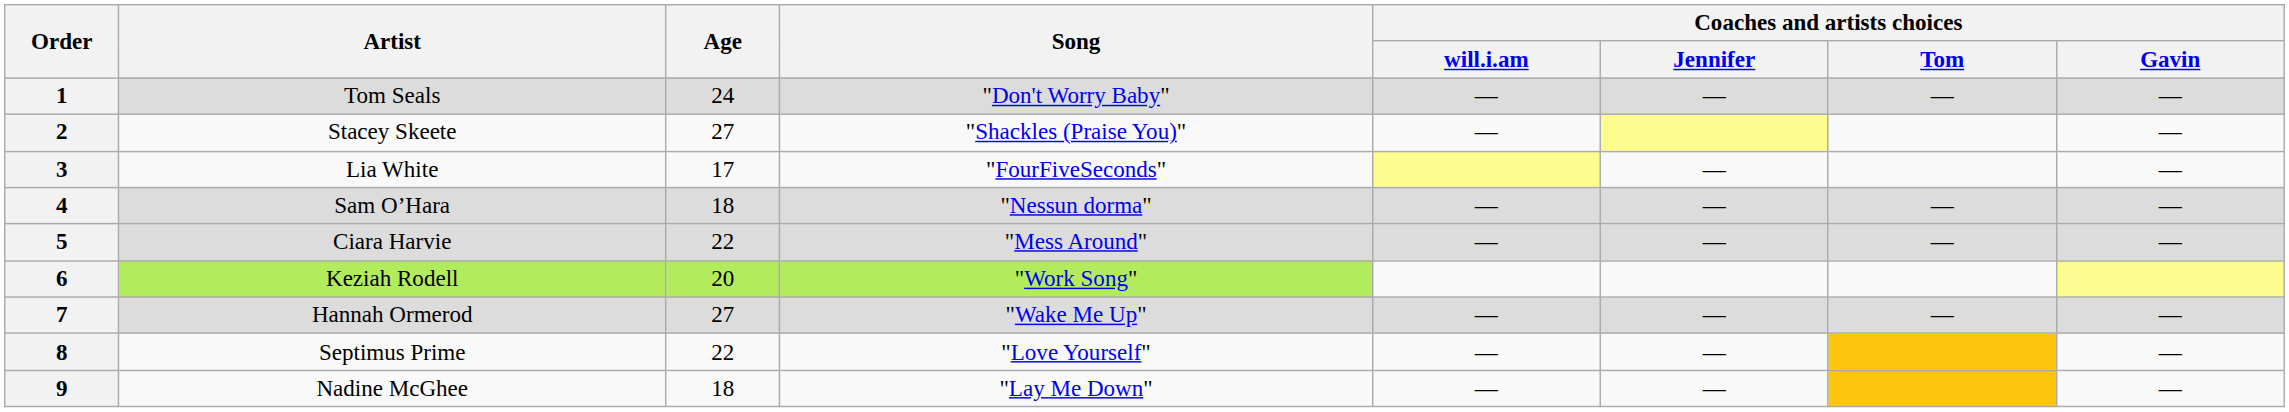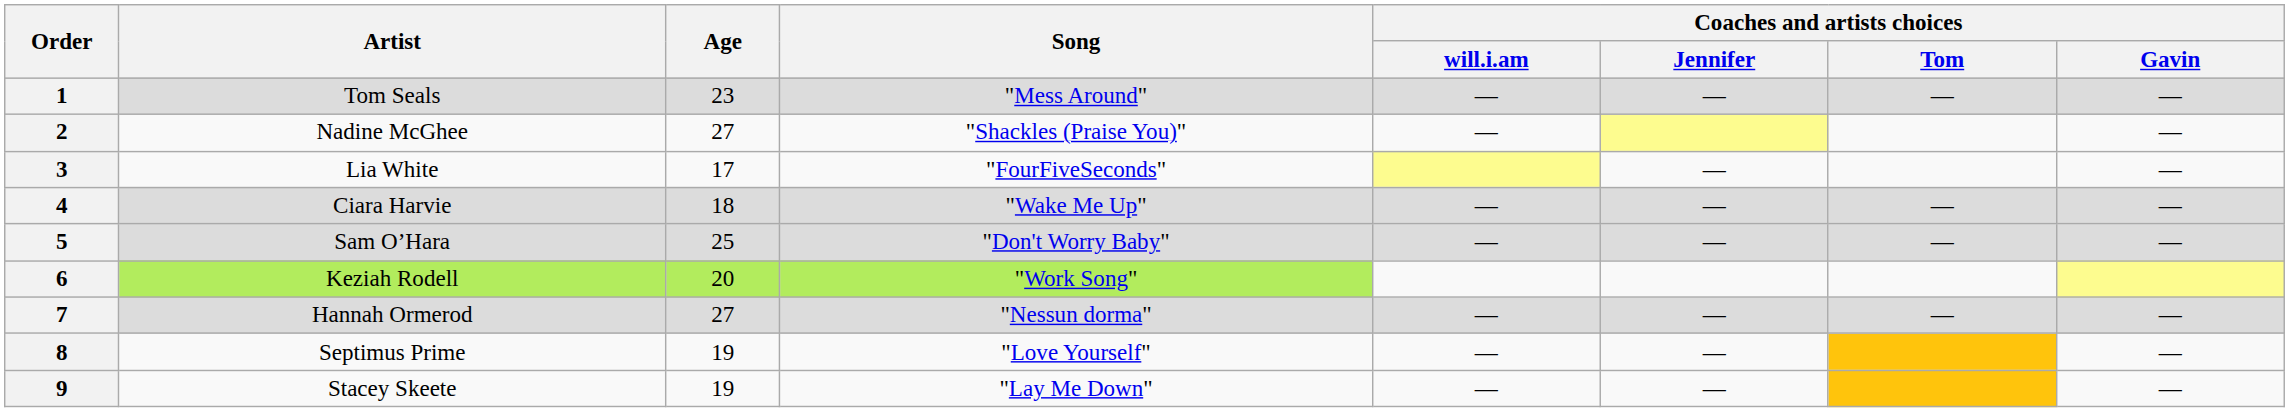 <table class="wikitable" style="text-align:center; width:100%;">
 <tr>
 <th scope="col" rowspan="2" style="width:05%;">Order</th>
 <th scope="col" rowspan="2" style="width:24%;">Artist</th>
 <th scope="col" rowspan="2" style="width:05%;">Age</th>
 <th scope="col" rowspan="2" style="width:26%;">Song</th>
 <th colspan="4" style="width:40%;">Coaches and artists choices</th>
 </tr>
 <tr>
 <th style="width:10%;"><a href='#'>will.i.am</a></th>
 <th style="width:10%;"><a href='#'>Jennifer</a></th>
 <th style="width:10%;"><a href='#'>Tom</a></th>
 <th style="width:10%;"><a href='#'>Gavin</a></th>
 </tr>
 <tr style="background:#DCDCDC">
 <th>1</th>
 <td style="background:#DCDCDC; text-align:center;">Tom Seals</td>
-<td style="background:#DCDCDC; text-align:center;">24</td>
-<td style="background:#DCDCDC; text-align:center;">"<a href='#'>Don't Worry Baby</a>"</td>
+<td style="background:#DCDCDC; text-align:center;">23</td>
+<td style="background:#DCDCDC; text-align:center;">"<a href='#'>Mess Around</a>"</td>
 <td>—</td>
 <td>—</td>
 <td>—</td>
 <td>—</td>
 </tr>
 <tr>
 <th>2</th>
-<td>Stacey Skeete</td>
+<td>Nadine McGhee</td>
 <td>27</td>
 <td>"<a href='#'>Shackles (Praise You)</a>"</td>
 <td>—</td>
 <td style="background:#fdfc8f;"><strong></strong></td>
 <td><strong></strong></td>
 <td>—</td>
 </tr>
 <tr>
 <th>3</th>
 <td>Lia White</td>
 <td>17</td>
 <td>"<a href='#'>FourFiveSeconds</a>"</td>
 <td style="background:#fdfc8f;"><strong></strong></td>
 <td>—</td>
 <td><strong></strong></td>
 <td>—</td>
 </tr>
 <tr style="background:#DCDCDC">
 <th>4</th>
-<td style="background:#DCDCDC; text-align:center;">Sam O’Hara</td>
+<td style="background:#DCDCDC; text-align:center;">Ciara Harvie</td>
 <td style="background:#DCDCDC; text-align:center;">18</td>
-<td style="background:#DCDCDC; text-align:center;">"<a href='#'>Nessun dorma</a>"</td>
+<td style="background:#DCDCDC; text-align:center;">"<a href='#'>Wake Me Up</a>"</td>
 <td>—</td>
 <td>—</td>
 <td>—</td>
 <td>—</td>
 </tr>
 <tr style="background:#DCDCDC">
 <th>5</th>
-<td style="background:#DCDCDC; text-align:center;">Ciara Harvie</td>
-<td style="background:#DCDCDC; text-align:center;">22</td>
-<td style="background:#DCDCDC; text-align:center;">"<a href='#'>Mess Around</a>"</td>
+<td style="background:#DCDCDC; text-align:center;">Sam O’Hara</td>
+<td style="background:#DCDCDC; text-align:center;">25</td>
+<td style="background:#DCDCDC; text-align:center;">"<a href='#'>Don't Worry Baby</a>"</td>
 <td>—</td>
 <td>—</td>
 <td>—</td>
 <td>—</td>
 </tr>
 <tr>
 <th>6</th>
 <td style="background-color:#B2EC5D;">Keziah Rodell</td>
 <td style="background-color:#B2EC5D;">20</td>
 <td style="background-color:#B2EC5D;">"<a href='#'>Work Song</a>"</td>
 <td><strong></strong></td>
 <td><strong></strong></td>
 <td><strong></strong></td>
 <td style="background:#fdfc8f;"><strong></strong></td>
 </tr>
 <tr style="background:#DCDCDC">
 <th>7</th>
 <td style="background:#DCDCDC; text-align:center;">Hannah Ormerod</td>
 <td style="background:#DCDCDC; text-align:center;">27</td>
-<td style="background:#DCDCDC; text-align:center;">"<a href='#'>Wake Me Up</a>"</td>
+<td style="background:#DCDCDC; text-align:center;">"<a href='#'>Nessun dorma</a>"</td>
 <td>—</td>
 <td>—</td>
 <td>—</td>
 <td>—</td>
 </tr>
 <tr>
 <th>8</th>
 <td>Septimus Prime</td>
-<td>22</td>
+<td>19</td>
 <td>"<a href='#'>Love Yourself</a>"</td>
 <td>—</td>
 <td>—</td>
 <td style="background:#FFC40C;text-align:center;"><strong></strong></td>
 <td>—</td>
 </tr>
 <tr>
 <th>9</th>
-<td>Nadine McGhee</td>
-<td>18</td>
+<td>Stacey Skeete</td>
+<td>19</td>
 <td>"<a href='#'>Lay Me Down</a>"</td>
 <td>—</td>
 <td>—</td>
 <td style="background:#FFC40C;text-align:center;"><strong></strong></td>
 <td>—</td>
 </tr>
 </table>
